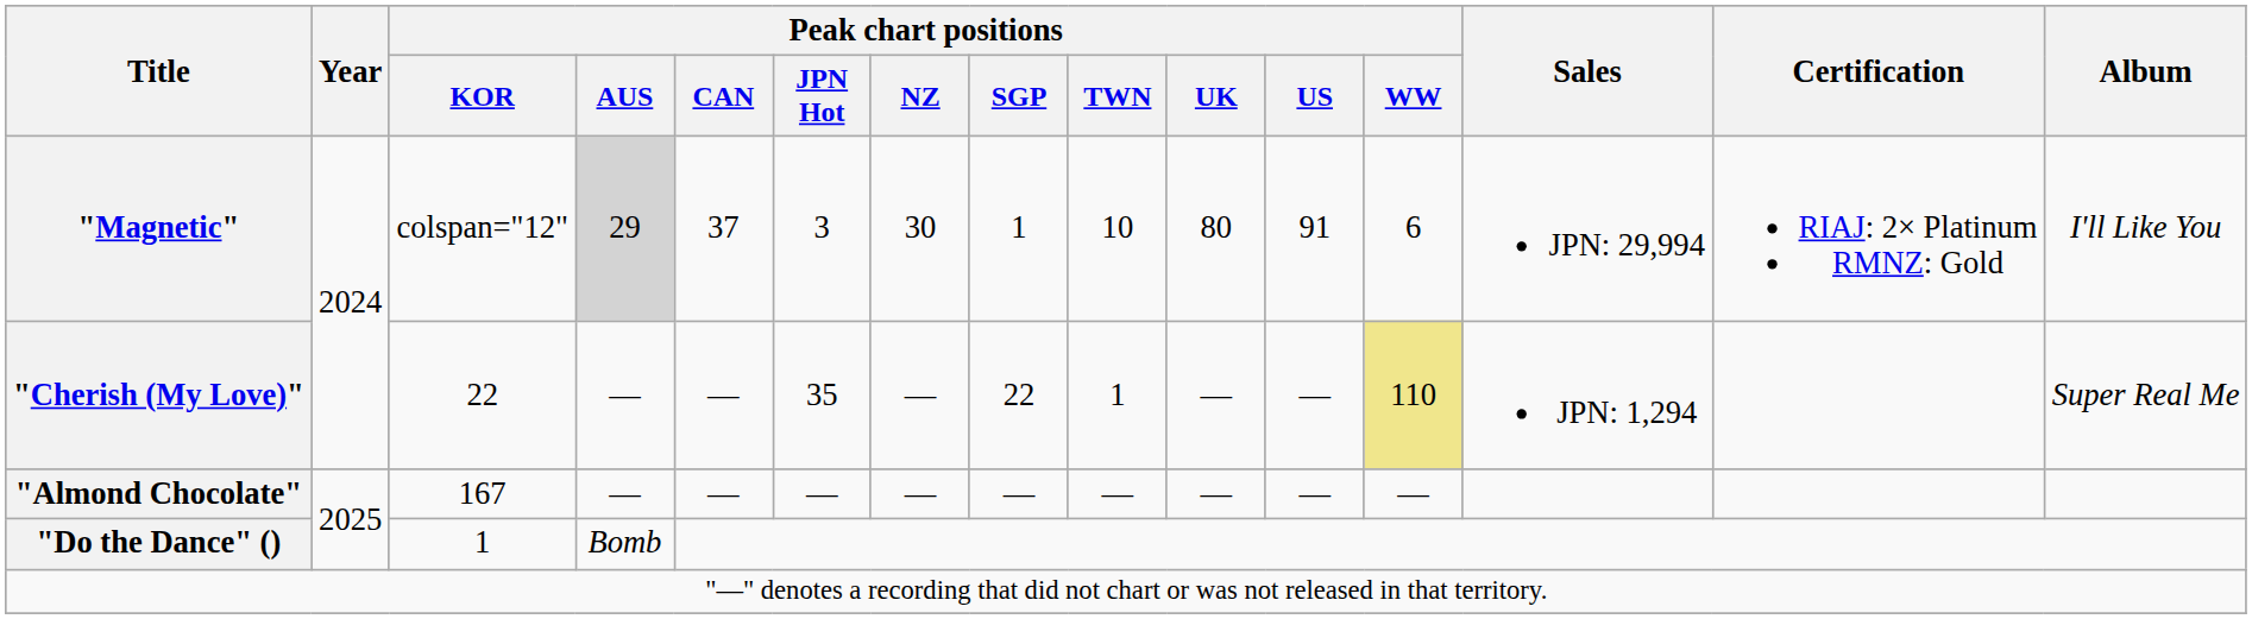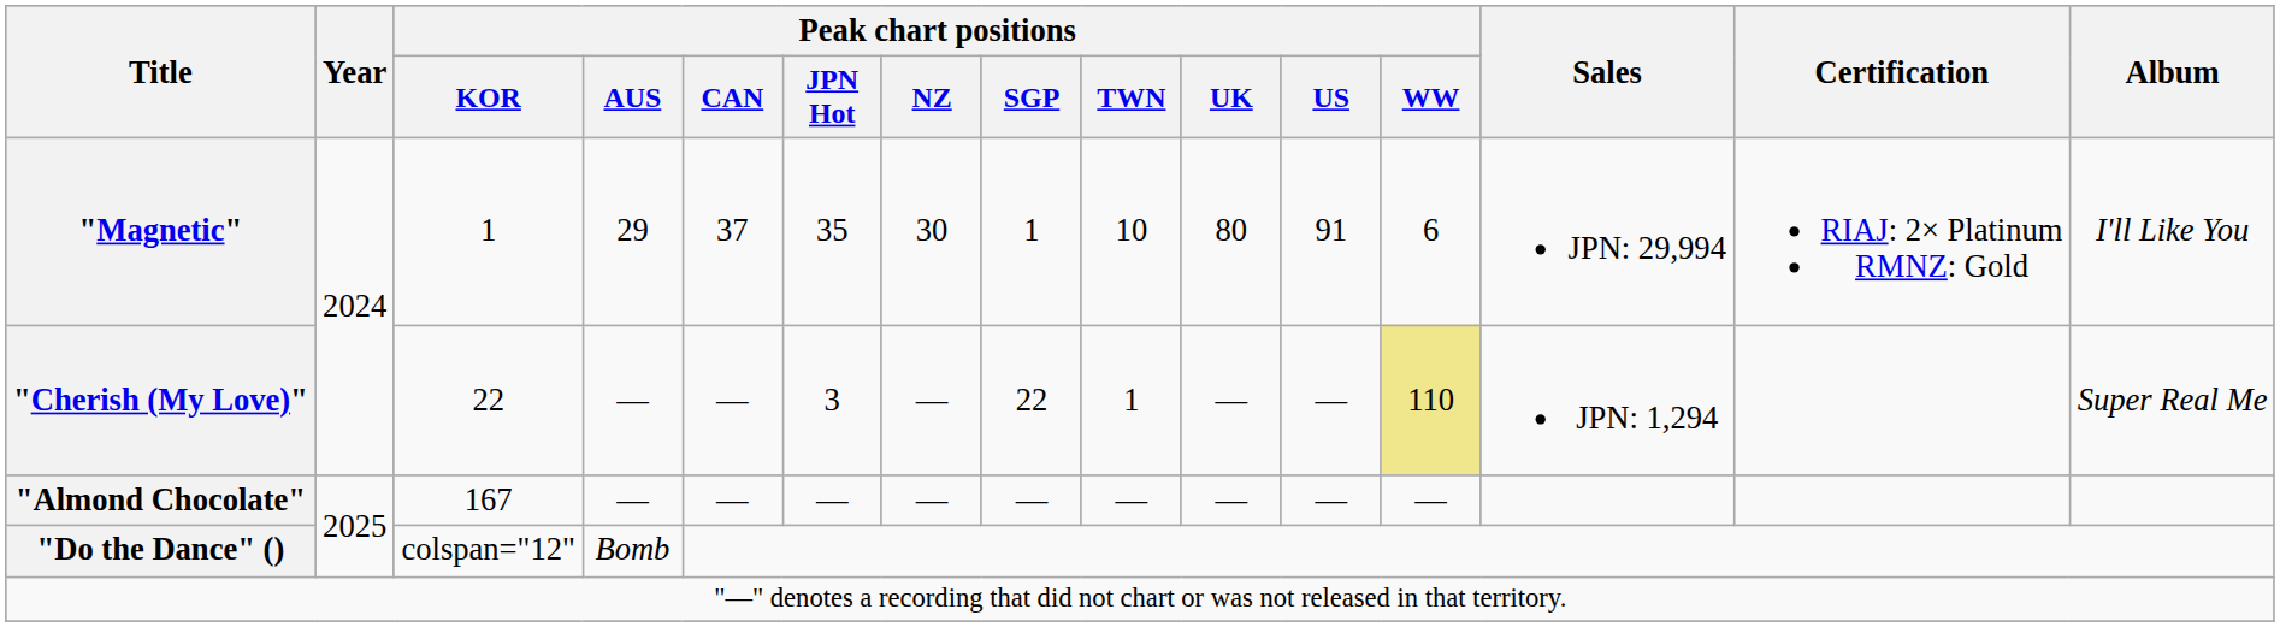 <table class="wikitable plainrowheaders" style="text-align:center">
 <tr>
 <th scope="col" rowspan="2">Title</th>
 <th scope="col" rowspan="2">Year</th>
 <th scope="col" colspan="10">Peak chart positions</th>
 <th scope="col" rowspan="2">Sales</th>
 <th scope="col" rowspan="2">Certification</th>
 <th scope="col" rowspan="2">Album</th>
 </tr>
 <tr>
 <th scope="col" style="font-size:90%; width:3em"><a href='#'>KOR</a><br></th>
 <th scope="col" style="font-size:90%; width:3em"><a href='#'>AUS</a><br></th>
 <th scope="col" style="font-size:90%; width:3em"><a href='#'>CAN</a><br></th>
 <th scope="col" style="font-size:90%; width:3em"><a href='#'>JPN<br>Hot</a><br></th>
 <th scope="col" style="font-size:90%; width:3em"><a href='#'>NZ</a><br></th>
 <th scope="col" style="font-size:90%; width:3em"><a href='#'>SGP</a><br></th>
 <th scope="col" style="font-size:90%; width:3em"><a href='#'>TWN</a><br></th>
 <th scope="col" style="font-size:90%; width:3em"><a href='#'>UK</a><br></th>
 <th scope="col" style="font-size:90%; width:3em"><a href='#'>US</a><br></th>
 <th scope="col" style="font-size:90%; width:3em"><a href='#'>WW</a><br></th>
 </tr>
 <tr>
 <th scope="row">"<a href='#'>Magnetic</a>"</th>
 <td rowspan="2">2024</td>
-<td>colspan="12" </td>
-<td style="background: lightgrey;">29</td>
+<td>1</td>
+<td>29</td>
 <td>37</td>
-<td>3</td>
+<td>35</td>
 <td>30</td>
 <td>1</td>
 <td>10</td>
 <td>80</td>
 <td>91</td>
 <td>6</td>
 <td><br><ul><li>JPN: 29,994 </li></ul></td>
 <td><br><ul><li><a href='#'>RIAJ</a>: 2× Platinum</li><li><a href='#'>RMNZ</a>: Gold</li></ul></td>
 <td><em>I'll Like You</em></td>
 </tr>
 <tr>
 <th scope="row">"<a href='#'>Cherish (My Love)</a>"</th>
 <td>22</td>
 <td>—</td>
 <td>—</td>
-<td>35</td>
+<td>3</td>
 <td>—</td>
 <td>22</td>
 <td>1</td>
 <td>—</td>
 <td>—</td>
 <td style="background: khaki;">110</td>
 <td><br><ul><li>JPN: 1,294 </li></ul></td>
 <td></td>
 <td><em>Super Real Me</em></td>
 </tr>
 <tr>
 <th scope="row">"Almond Chocolate"<br></th>
 <td rowspan="2">2025</td>
 <td>167</td>
 <td>—</td>
 <td>—</td>
 <td>—</td>
 <td>—</td>
 <td>—</td>
 <td>—</td>
 <td>—</td>
 <td>—</td>
 <td>—</td>
 <td></td>
 <td></td>
 <td></td>
 </tr>
 <tr>
 <th scope="row">"Do the Dance" ()</th>
-<td>1</td>
+<td>colspan="12" </td>
 <td><em>Bomb</em></td>
 </tr>
 <tr>
 <td colspan="15" style="font-size:85%">"—" denotes a recording that did not chart or was not released in that territory.</td>
 </tr>
 </table>
